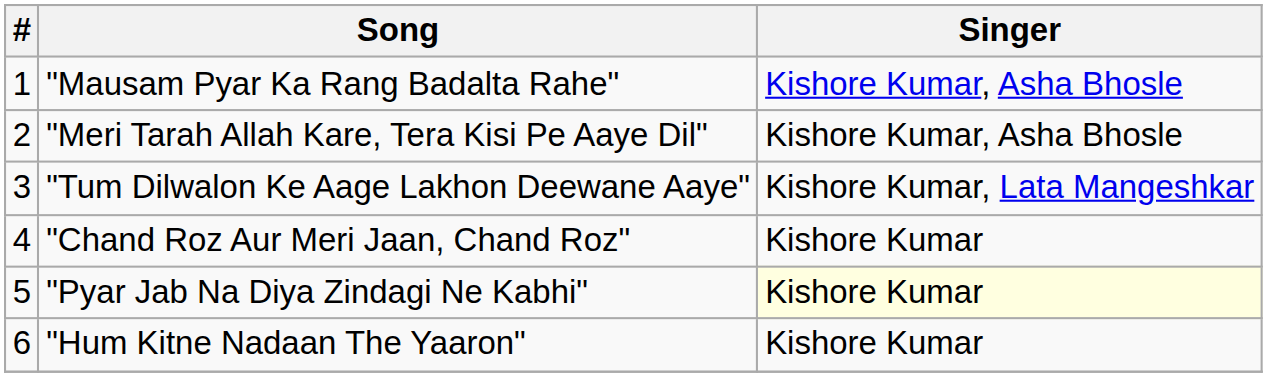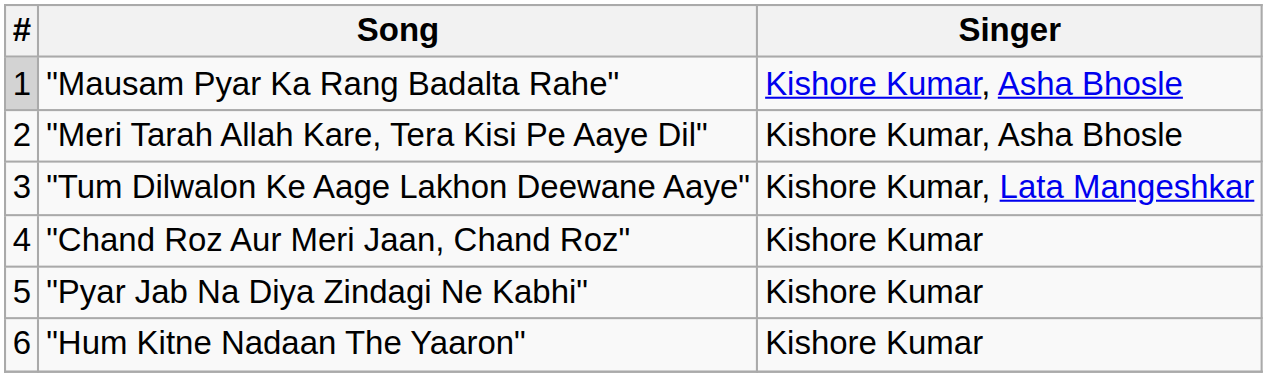 <table class="wikitable">
 <tr>
 <th>#</th>
 <th>Song</th>
 <th>Singer</th>
 </tr>
 <tr>
-<td>1</td>
+<td style="background: lightgrey;">1</td>
 <td>"Mausam Pyar Ka Rang Badalta Rahe"</td>
 <td><a href='#'>Kishore Kumar</a>, <a href='#'>Asha Bhosle</a></td>
 </tr>
 <tr>
 <td>2</td>
 <td>"Meri Tarah Allah Kare, Tera Kisi Pe Aaye Dil"</td>
 <td>Kishore Kumar, Asha Bhosle</td>
 </tr>
 <tr>
 <td>3</td>
 <td>"Tum Dilwalon Ke Aage Lakhon Deewane Aaye"</td>
 <td>Kishore Kumar, <a href='#'>Lata Mangeshkar</a></td>
 </tr>
 <tr>
 <td>4</td>
 <td>"Chand Roz Aur Meri Jaan, Chand Roz"</td>
 <td>Kishore Kumar</td>
 </tr>
 <tr>
 <td>5</td>
 <td>"Pyar Jab Na Diya Zindagi Ne Kabhi"</td>
-<td style="background: lightyellow;">Kishore Kumar</td>
+<td>Kishore Kumar</td>
 </tr>
 <tr>
 <td>6</td>
 <td>"Hum Kitne Nadaan The Yaaron"</td>
 <td>Kishore Kumar</td>
 </tr>
 <tr>
 </tr>
 </table>
